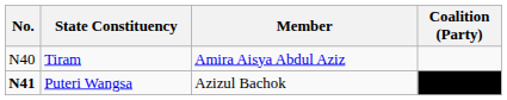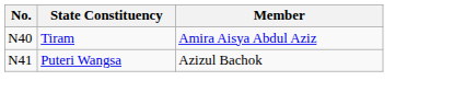 <table class="wikitable sortable">
 <tr>
 <th width="30">No.</th>
 <th width="150">State Constituency</th>
 <th width="230">Member</th>
-<th width="80">Coalition (Party)</th>
 </tr>
 <tr>
 <td>N40</td>
 <td><a href='#'>Tiram</a></td>
 <td><a href='#'>Amira Aisya Abdul Aziz</a></td>
-<td></td>
 </tr>
 <tr>
-<td><strong>N41</strong></td>
+<td>N41</td>
 <td><a href='#'>Puteri Wangsa</a></td>
 <td>Azizul Bachok</td>
-<td bgcolor=black></td>
 </tr>
 </table>
